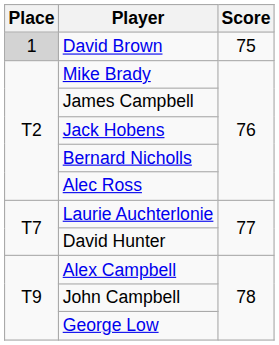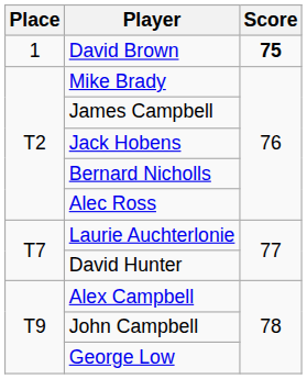 <table class=wikitable>
 <tr>
 <th>Place</th>
 <th>Player</th>
 <th>Score</th>
 </tr>
 <tr>
-<td align=center style="background: lightgrey;">1</td>
+<td align=center>1</td>
 <td> <a href='#'>David Brown</a></td>
-<td align=center>75</td>
+<td align=center><strong>75</strong></td>
 </tr>
 <tr>
 <td rowspan=5 align=center>T2</td>
 <td> <a href='#'>Mike Brady</a></td>
 <td align=center rowspan=5>76</td>
 </tr>
 <tr>
 <td> James Campbell</td>
 </tr>
 <tr>
 <td> <a href='#'>Jack Hobens</a></td>
 </tr>
 <tr>
 <td> <a href='#'>Bernard Nicholls</a></td>
 </tr>
 <tr>
 <td> <a href='#'>Alec Ross</a></td>
 </tr>
 <tr>
 <td rowspan=2 align=center>T7</td>
 <td> <a href='#'>Laurie Auchterlonie</a></td>
 <td align=center rowspan=2>77</td>
 </tr>
 <tr>
 <td>David Hunter</td>
 </tr>
 <tr>
 <td rowspan=3 align=center>T9</td>
 <td> <a href='#'>Alex Campbell</a></td>
 <td align=center rowspan=3>78</td>
 </tr>
 <tr>
 <td>John Campbell</td>
 </tr>
 <tr>
 <td> <a href='#'>George Low</a></td>
 </tr>
 </table>
